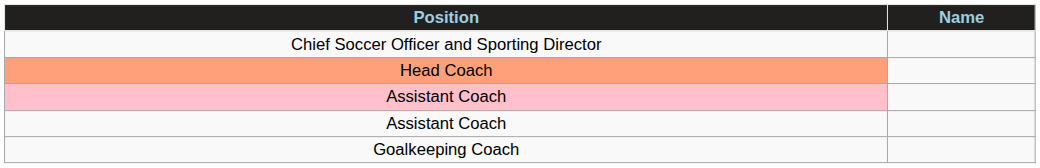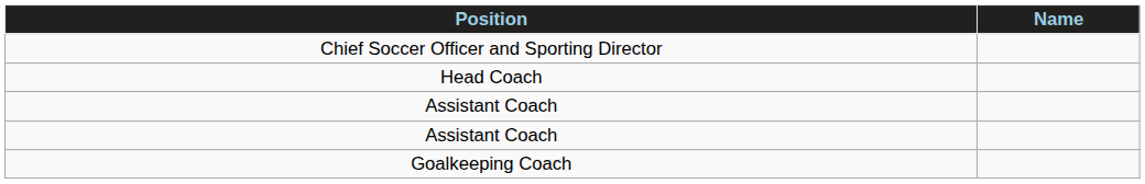 <table class="wikitable" style="text-align:center; width:50%;">
 <tr>
 <th style="background:#21201E;color:#9BCEE3;border:1px solid #E1E2DD">Position</th>
 <th style="background:#21201E;color:#9BCEE3;border:1px solid #E1E2DD">Name</th>
 </tr>
 <tr>
 <td>Chief Soccer Officer and Sporting Director</td>
 <td align="left"> </td>
 </tr>
 <tr>
-<td style="background: lightsalmon;">Head Coach</td>
+<td>Head Coach</td>
 <td align="left"> </td>
 </tr>
 <tr>
-<td style="background: pink;">Assistant Coach</td>
+<td>Assistant Coach</td>
 <td align="left"> </td>
 </tr>
 <tr>
 <td>Assistant Coach</td>
 <td align="left"> </td>
 </tr>
 <tr>
 <td>Goalkeeping Coach</td>
 <td align="left"> </td>
 </tr>
 </table>
